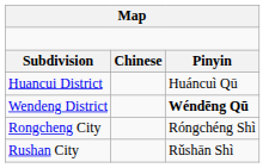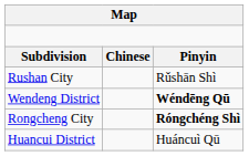 <table class="wikitable" style="font-size:100%;">
 <tr>
 <th colspan="3">Map</th>
 </tr>
 <tr>
 <td colspan="3"><div><br>       </div></td>
 </tr>
 <tr>
 <th>Subdivision</th>
 <th>Chinese</th>
 <th>Pinyin</th>
 </tr>
 <tr>
-<td><a href='#'>Huancui District</a></td>
+<td><a href='#'>Rushan</a> City</td>
 <td></td>
-<td>Huáncuì Qū</td>
+<td>Rǔshān Shì</td>
 </tr>
 <tr>
 <td><a href='#'>Wendeng District</a></td>
 <td></td>
 <td><strong>Wéndēng Qū</strong></td>
 </tr>
 <tr>
 <td><a href='#'>Rongcheng</a> City</td>
 <td></td>
-<td>Róngchéng Shì</td>
+<td><strong>Róngchéng Shì</strong></td>
 </tr>
 <tr>
-<td><a href='#'>Rushan</a> City</td>
+<td><a href='#'>Huancui District</a></td>
 <td></td>
-<td>Rǔshān Shì</td>
+<td>Huáncuì Qū</td>
 </tr>
 </table>
